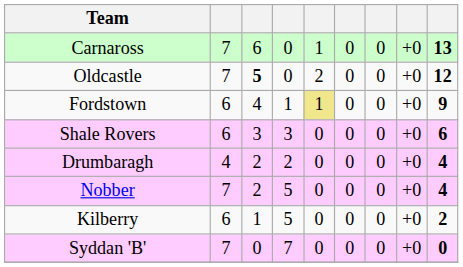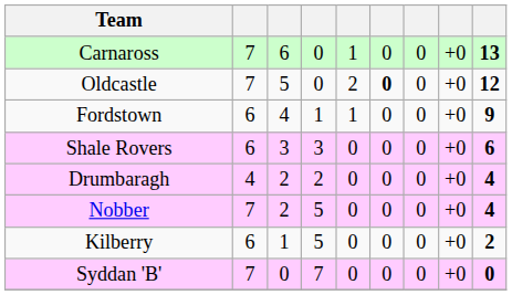 <table class="wikitable" style="text-align:center">
 <tr>
 <th width="175">Team</th>
 <th width="20"></th>
 <th width="20"></th>
 <th width="20"></th>
 <th width="20"></th>
 <th width="20"></th>
 <th width="20"></th>
 <th width="20"></th>
 <th width="20"></th>
 </tr>
 <tr style="background:#cfc;">
 <td>Carnaross</td>
 <td>7</td>
 <td>6</td>
 <td>0</td>
 <td>1</td>
 <td>0</td>
 <td>0</td>
 <td>+0</td>
 <td><strong>13</strong></td>
 </tr>
 <tr>
 <td>Oldcastle</td>
 <td>7</td>
-<td><strong>5</strong></td>
+<td>5</td>
 <td>0</td>
 <td>2</td>
-<td>0</td>
+<td><strong>0</strong></td>
 <td>0</td>
 <td>+0</td>
 <td><strong>12</strong></td>
 </tr>
 <tr>
 <td>Fordstown</td>
 <td>6</td>
 <td>4</td>
 <td>1</td>
-<td style="background: khaki;">1</td>
+<td>1</td>
 <td>0</td>
 <td>0</td>
 <td>+0</td>
 <td><strong>9</strong></td>
 </tr>
 <tr style="background:#fcf;">
 <td>Shale Rovers</td>
 <td>6</td>
 <td>3</td>
 <td>3</td>
 <td>0</td>
 <td>0</td>
 <td>0</td>
 <td>+0</td>
 <td><strong>6</strong></td>
 </tr>
 <tr style="background:#fcf;">
 <td>Drumbaragh</td>
 <td>4</td>
 <td>2</td>
 <td>2</td>
 <td>0</td>
 <td>0</td>
 <td>0</td>
 <td>+0</td>
 <td><strong>4</strong></td>
 </tr>
 <tr style="background:#fcf;">
 <td><a href='#'>Nobber</a></td>
 <td>7</td>
 <td>2</td>
 <td>5</td>
 <td>0</td>
 <td>0</td>
 <td>0</td>
 <td>+0</td>
 <td><strong>4</strong></td>
 </tr>
 <tr>
 <td>Kilberry</td>
 <td>6</td>
 <td>1</td>
 <td>5</td>
 <td>0</td>
 <td>0</td>
 <td>0</td>
 <td>+0</td>
 <td><strong>2</strong></td>
 </tr>
 <tr style="background:#fcf;">
 <td>Syddan 'B'</td>
 <td>7</td>
 <td>0</td>
 <td>7</td>
 <td>0</td>
 <td>0</td>
 <td>0</td>
 <td>+0</td>
 <td><strong>0</strong></td>
 </tr>
 <tr>
 </tr>
 </table>
